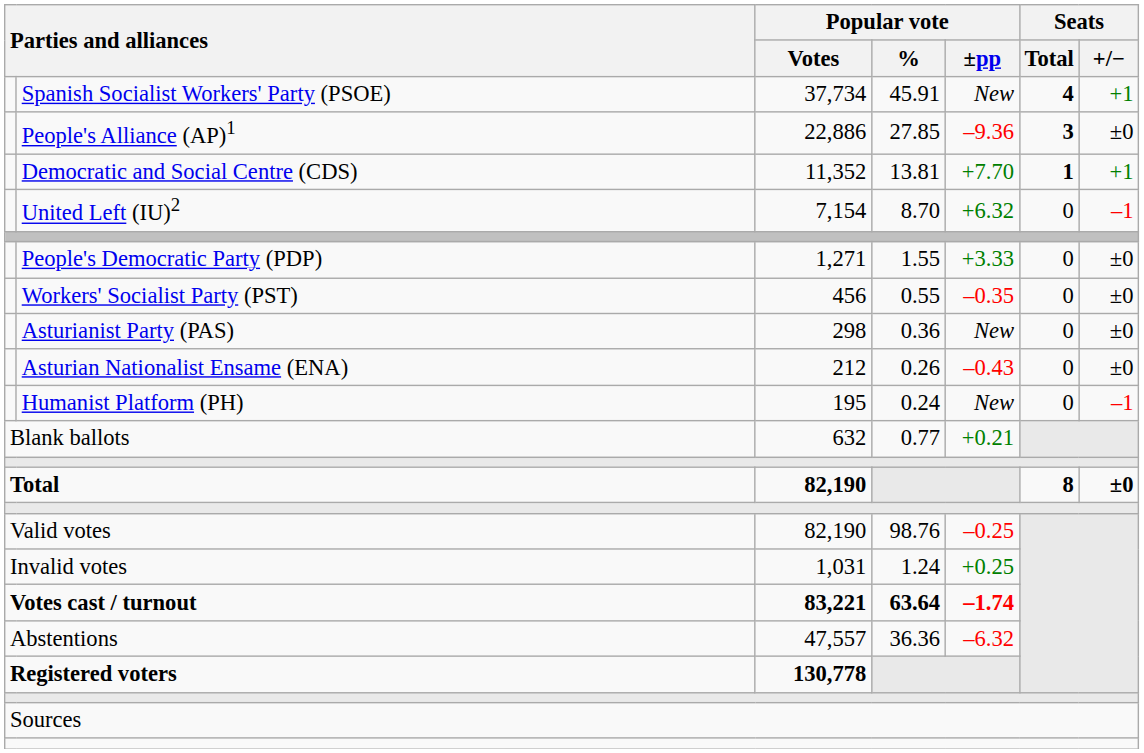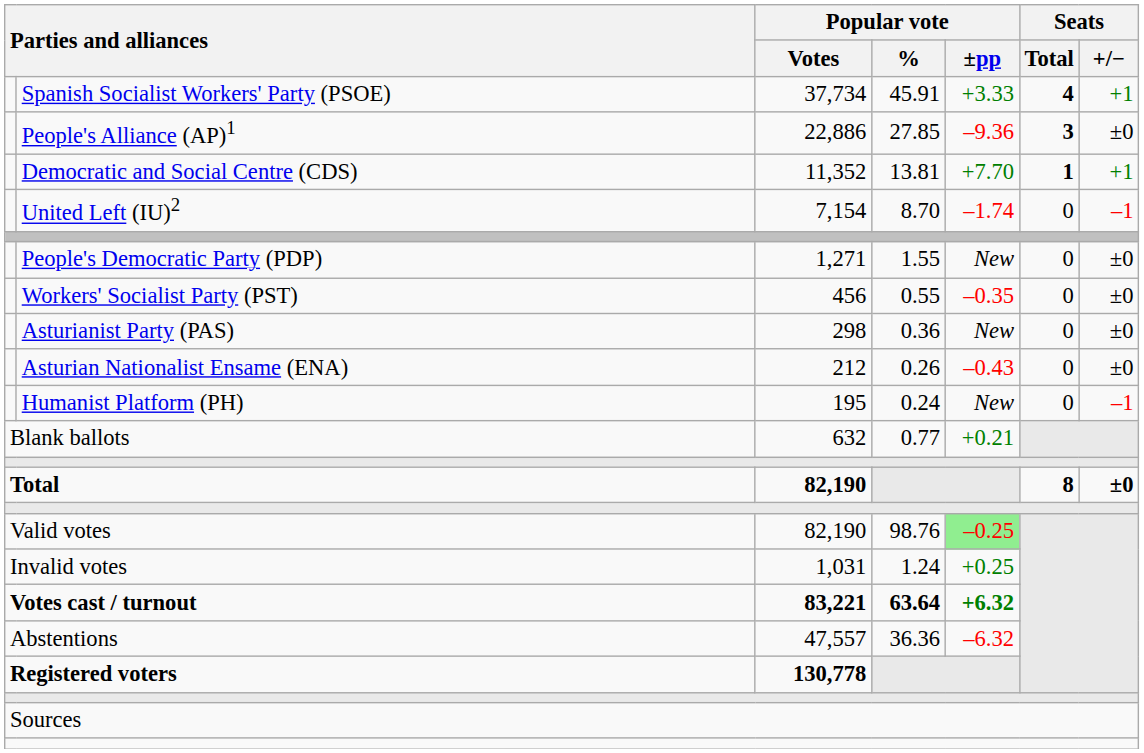 <table class="wikitable" style="text-align:right;">
 <tr>
 <th style="text-align:left;" rowspan="2" colspan="2" width="525">Parties and alliances</th>
 <th colspan="3">Popular vote</th>
 <th colspan="2">Seats</th>
 </tr>
 <tr>
 <th width="75">Votes</th>
 <th width="45">%</th>
 <th width="45">±<a href='#'>pp</a></th>
 <th width="35">Total</th>
 <th width="35">+/−</th>
 </tr>
 <tr>
 <td width="1" style="color:inherit;background:"></td>
 <td align="left"><a href='#'>Spanish Socialist Workers' Party</a> (PSOE)</td>
 <td>37,734</td>
 <td>45.91</td>
-<td><em>New</em></td>
+<td style="color:green;">+3.33</td>
 <td><strong>4</strong></td>
 <td style="color:green;">+1</td>
 </tr>
 <tr>
 <td style="color:inherit;background:"></td>
 <td align="left"><a href='#'>People's Alliance</a> (AP)<sup>1</sup></td>
 <td>22,886</td>
 <td>27.85</td>
 <td style="color:red;">–9.36</td>
 <td><strong>3</strong></td>
 <td>±0</td>
 </tr>
 <tr>
 <td style="color:inherit;background:"></td>
 <td align="left"><a href='#'>Democratic and Social Centre</a> (CDS)</td>
 <td>11,352</td>
 <td>13.81</td>
 <td style="color:green;">+7.70</td>
 <td><strong>1</strong></td>
 <td style="color:green;">+1</td>
 </tr>
 <tr>
 <td style="color:inherit;background:"></td>
 <td align="left"><a href='#'>United Left</a> (IU)<sup>2</sup></td>
 <td>7,154</td>
 <td>8.70</td>
-<td style="color:green;">+6.32</td>
+<td style="color:red;">–1.74</td>
 <td>0</td>
 <td style="color:red;">–1</td>
 </tr>
 <tr>
 <td colspan="7" bgcolor="#C0C0C0"></td>
 </tr>
 <tr>
 <td style="color:inherit;background:"></td>
 <td align="left"><a href='#'>People's Democratic Party</a> (PDP)</td>
 <td>1,271</td>
 <td>1.55</td>
-<td style="color:green;">+3.33</td>
+<td><em>New</em></td>
 <td>0</td>
 <td>±0</td>
 </tr>
 <tr>
 <td style="color:inherit;background:"></td>
 <td align="left"><a href='#'>Workers' Socialist Party</a> (PST)</td>
 <td>456</td>
 <td>0.55</td>
 <td style="color:red;">–0.35</td>
 <td>0</td>
 <td>±0</td>
 </tr>
 <tr>
 <td style="color:inherit;background:"></td>
 <td align="left"><a href='#'>Asturianist Party</a> (PAS)</td>
 <td>298</td>
 <td>0.36</td>
 <td><em>New</em></td>
 <td>0</td>
 <td>±0</td>
 </tr>
 <tr>
 <td style="color:inherit;background:"></td>
 <td align="left"><a href='#'>Asturian Nationalist Ensame</a> (ENA)</td>
 <td>212</td>
 <td>0.26</td>
 <td style="color:red;">–0.43</td>
 <td>0</td>
 <td>±0</td>
 </tr>
 <tr>
 <td style="color:inherit;background:"></td>
 <td align="left"><a href='#'>Humanist Platform</a> (PH)</td>
 <td>195</td>
 <td>0.24</td>
 <td><em>New</em></td>
 <td>0</td>
 <td style="color:red;">–1</td>
 </tr>
 <tr>
 <td align="left" colspan="2">Blank ballots</td>
 <td>632</td>
 <td>0.77</td>
 <td style="color:green;">+0.21</td>
 <td bgcolor="#E9E9E9" colspan="2"></td>
 </tr>
 <tr>
 <td colspan="7" bgcolor="#E9E9E9"></td>
 </tr>
 <tr style="font-weight:bold;">
 <td align="left" colspan="2">Total</td>
 <td>82,190</td>
 <td bgcolor="#E9E9E9" colspan="2"></td>
 <td>8</td>
 <td>±0</td>
 </tr>
 <tr>
 <td colspan="7" bgcolor="#E9E9E9"></td>
 </tr>
 <tr>
 <td align="left" colspan="2">Valid votes</td>
 <td>82,190</td>
 <td>98.76</td>
-<td style="color:red;">–0.25</td>
+<td style="background: lightgreen; color:red;">–0.25</td>
 <td bgcolor="#E9E9E9" colspan="2" rowspan="5"></td>
 </tr>
 <tr>
 <td align="left" colspan="2">Invalid votes</td>
 <td>1,031</td>
 <td>1.24</td>
 <td style="color:green;">+0.25</td>
 </tr>
 <tr style="font-weight:bold;">
 <td align="left" colspan="2">Votes cast / turnout</td>
 <td>83,221</td>
 <td>63.64</td>
-<td style="color:red;">–1.74</td>
+<td style="color:green;">+6.32</td>
 </tr>
 <tr>
 <td align="left" colspan="2">Abstentions</td>
 <td>47,557</td>
 <td>36.36</td>
 <td style="color:red;">–6.32</td>
 </tr>
 <tr style="font-weight:bold;">
 <td align="left" colspan="2">Registered voters</td>
 <td>130,778</td>
 <td bgcolor="#E9E9E9" colspan="2"></td>
 </tr>
 <tr>
 <td colspan="7" bgcolor="#E9E9E9"></td>
 </tr>
 <tr>
 <td align="left" colspan="7">Sources</td>
 </tr>
 <tr>
 <td colspan="7" style="text-align:left; max-width:790px;"></td>
 </tr>
 </table>
